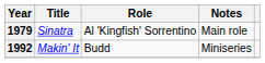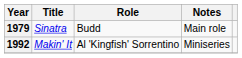 <table class="wikitable plainrowheaders sortable" style="margin-right: 0;">
 <tr>
 <th scope="col">Year</th>
 <th scope="col">Title</th>
 <th scope="col">Role</th>
 <th scope="col" class="unsortable">Notes</th>
 <th scope="col" class="unsortable"></th>
 </tr>
 <tr>
 <th scope="row">1979</th>
 <td><em><a href='#'>Sinatra</a></em></td>
-<td>Al 'Kingfish' Sorrentino</td>
+<td>Budd</td>
 <td>Main role</td>
 <td style="text-align:center;"></td>
 </tr>
 <tr>
 <th scope="row">1992</th>
 <td><em><a href='#'>Makin' It</a></em></td>
-<td>Budd</td>
+<td>Al 'Kingfish' Sorrentino</td>
 <td>Miniseries</td>
 <td style="text-align:center;"></td>
 </tr>
 <tr>
 </tr>
 </table>
